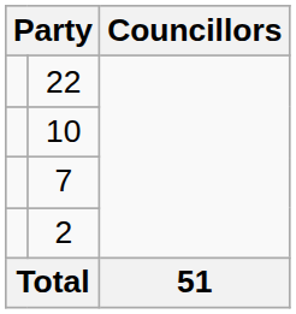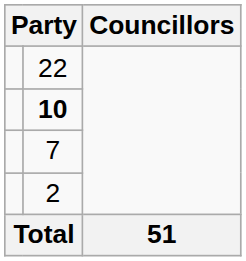 <table class="wikitable">
 <tr>
 <th colspan=2>Party</th>
 <th>Councillors</th>
 </tr>
 <tr>
 <td></td>
 <td align=center>22</td>
 </tr>
 <tr>
 <td></td>
-<td align=center>10</td>
+<td align=center><strong>10</strong></td>
 </tr>
 <tr>
 <td></td>
 <td align=center>7</td>
 </tr>
 <tr>
 <td></td>
 <td align=center>2</td>
 </tr>
 <tr>
 <th colspan=2>Total</th>
 <th>51</th>
 </tr>
 </table>
